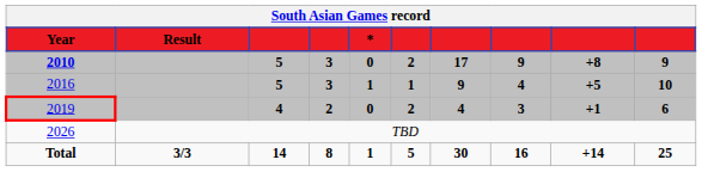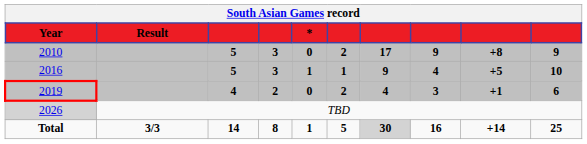 <table class="wikitable" style="text-align: center; width:50%;">
 <tr>
 <th colspan="10"><a href='#'>South Asian Games</a> record</th>
 </tr>
 <tr>
 <th style="background:#ED1C24;border: 2px solid #3F43A4;"><span>Year</span></th>
 <th style="background:#ED1C24;border: 2px solid #3F43A4;"><span>Result</span></th>
 <th style="background:#ED1C24;border: 2px solid #3F43A4;"><span></span></th>
 <th style="background:#ED1C24;border: 2px solid #3F43A4;"><span></span></th>
 <th style="background:#ED1C24;border: 2px solid #3F43A4;"><span>*</span></th>
 <th style="background:#ED1C24;border: 2px solid #3F43A4;"><span></span></th>
 <th style="background:#ED1C24;border: 2px solid #3F43A4;"><span></span></th>
 <th style="background:#ED1C24;border: 2px solid #3F43A4;"><span></span></th>
 <th style="background:#ED1C24;border: 2px solid #3F43A4;"><span></span></th>
 <th style="background:#ED1C24;border: 2px solid #3F43A4;"><span></span></th>
 </tr>
 <tr bgcolor="silver">
-<td><strong> <a href='#'>2010</a></strong></td>
+<td> <a href='#'>2010</a></td>
 <td></td>
 <td><strong>5</strong></td>
 <td><strong>3</strong></td>
 <td><strong>0</strong></td>
 <td><strong>2</strong></td>
 <td><strong>17</strong></td>
 <td><strong>9</strong></td>
 <td><strong>+8</strong></td>
 <td><strong>9</strong></td>
 </tr>
 <tr bgcolor="silver">
 <td> <a href='#'>2016</a></td>
 <td></td>
 <td><strong>5</strong></td>
 <td><strong>3</strong></td>
 <td><strong>1</strong></td>
 <td><strong>1</strong></td>
 <td><strong>9</strong></td>
 <td><strong>4</strong></td>
 <td><strong>+5</strong></td>
 <td><strong>10</strong></td>
 </tr>
 <tr style="background:silver;">
 <td style="border: 3px solid red"> <a href='#'>2019</a></td>
 <td></td>
 <td><strong>4</strong></td>
 <td><strong>2</strong></td>
 <td><strong>0</strong></td>
 <td><strong>2</strong></td>
 <td><strong>4</strong></td>
 <td><strong>3</strong></td>
 <td><strong>+1</strong></td>
 <td><strong>6</strong></td>
 </tr>
 <tr>
-<td> <a href='#'>2026</a></td>
+<td style="background: lightgrey;"> <a href='#'>2026</a></td>
 <td colspan="9"><em>TBD</em></td>
 </tr>
 <tr>
 <td><strong>Total</strong></td>
 <td><strong>3/3</strong></td>
 <td><strong>14</strong></td>
 <td><strong>8</strong></td>
 <td><strong>1</strong></td>
 <td><strong>5</strong></td>
-<td><strong>30</strong></td>
+<td style="background: lightgrey;"><strong>30</strong></td>
 <td><strong>16</strong></td>
 <td><strong>+14</strong></td>
 <td><strong>25</strong></td>
 </tr>
 </table>
